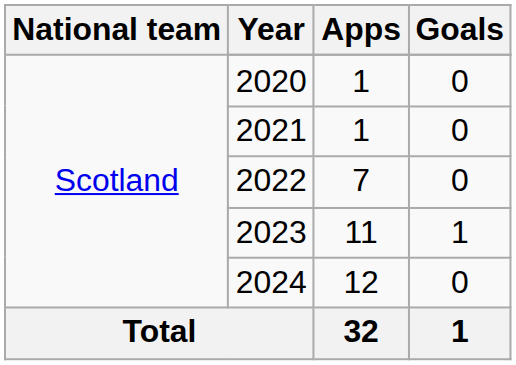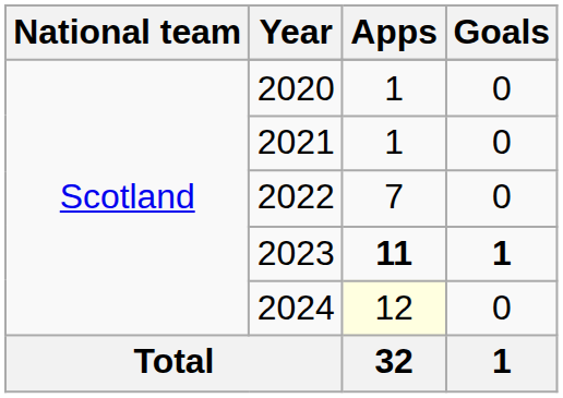 <table class="wikitable" style="text-align:center">
 <tr>
 <th>National team</th>
 <th>Year</th>
 <th>Apps</th>
 <th>Goals</th>
 </tr>
 <tr>
 <td rowspan="6"><a href='#'>Scotland</a></td>
 </tr>
 <tr>
 <td>2020</td>
 <td>1</td>
 <td>0</td>
 </tr>
 <tr>
 <td>2021</td>
 <td>1</td>
 <td>0</td>
 </tr>
 <tr>
 <td>2022</td>
 <td>7</td>
 <td>0</td>
 </tr>
 <tr>
 <td>2023</td>
-<td>11</td>
-<td>1</td>
+<td><strong>11</strong></td>
+<td><strong>1</strong></td>
 </tr>
 <tr>
 <td>2024</td>
-<td>12</td>
+<td style="background: lightyellow;">12</td>
 <td>0</td>
 </tr>
 <tr>
 <th colspan="2">Total</th>
 <th>32</th>
 <th>1</th>
 </tr>
 </table>
